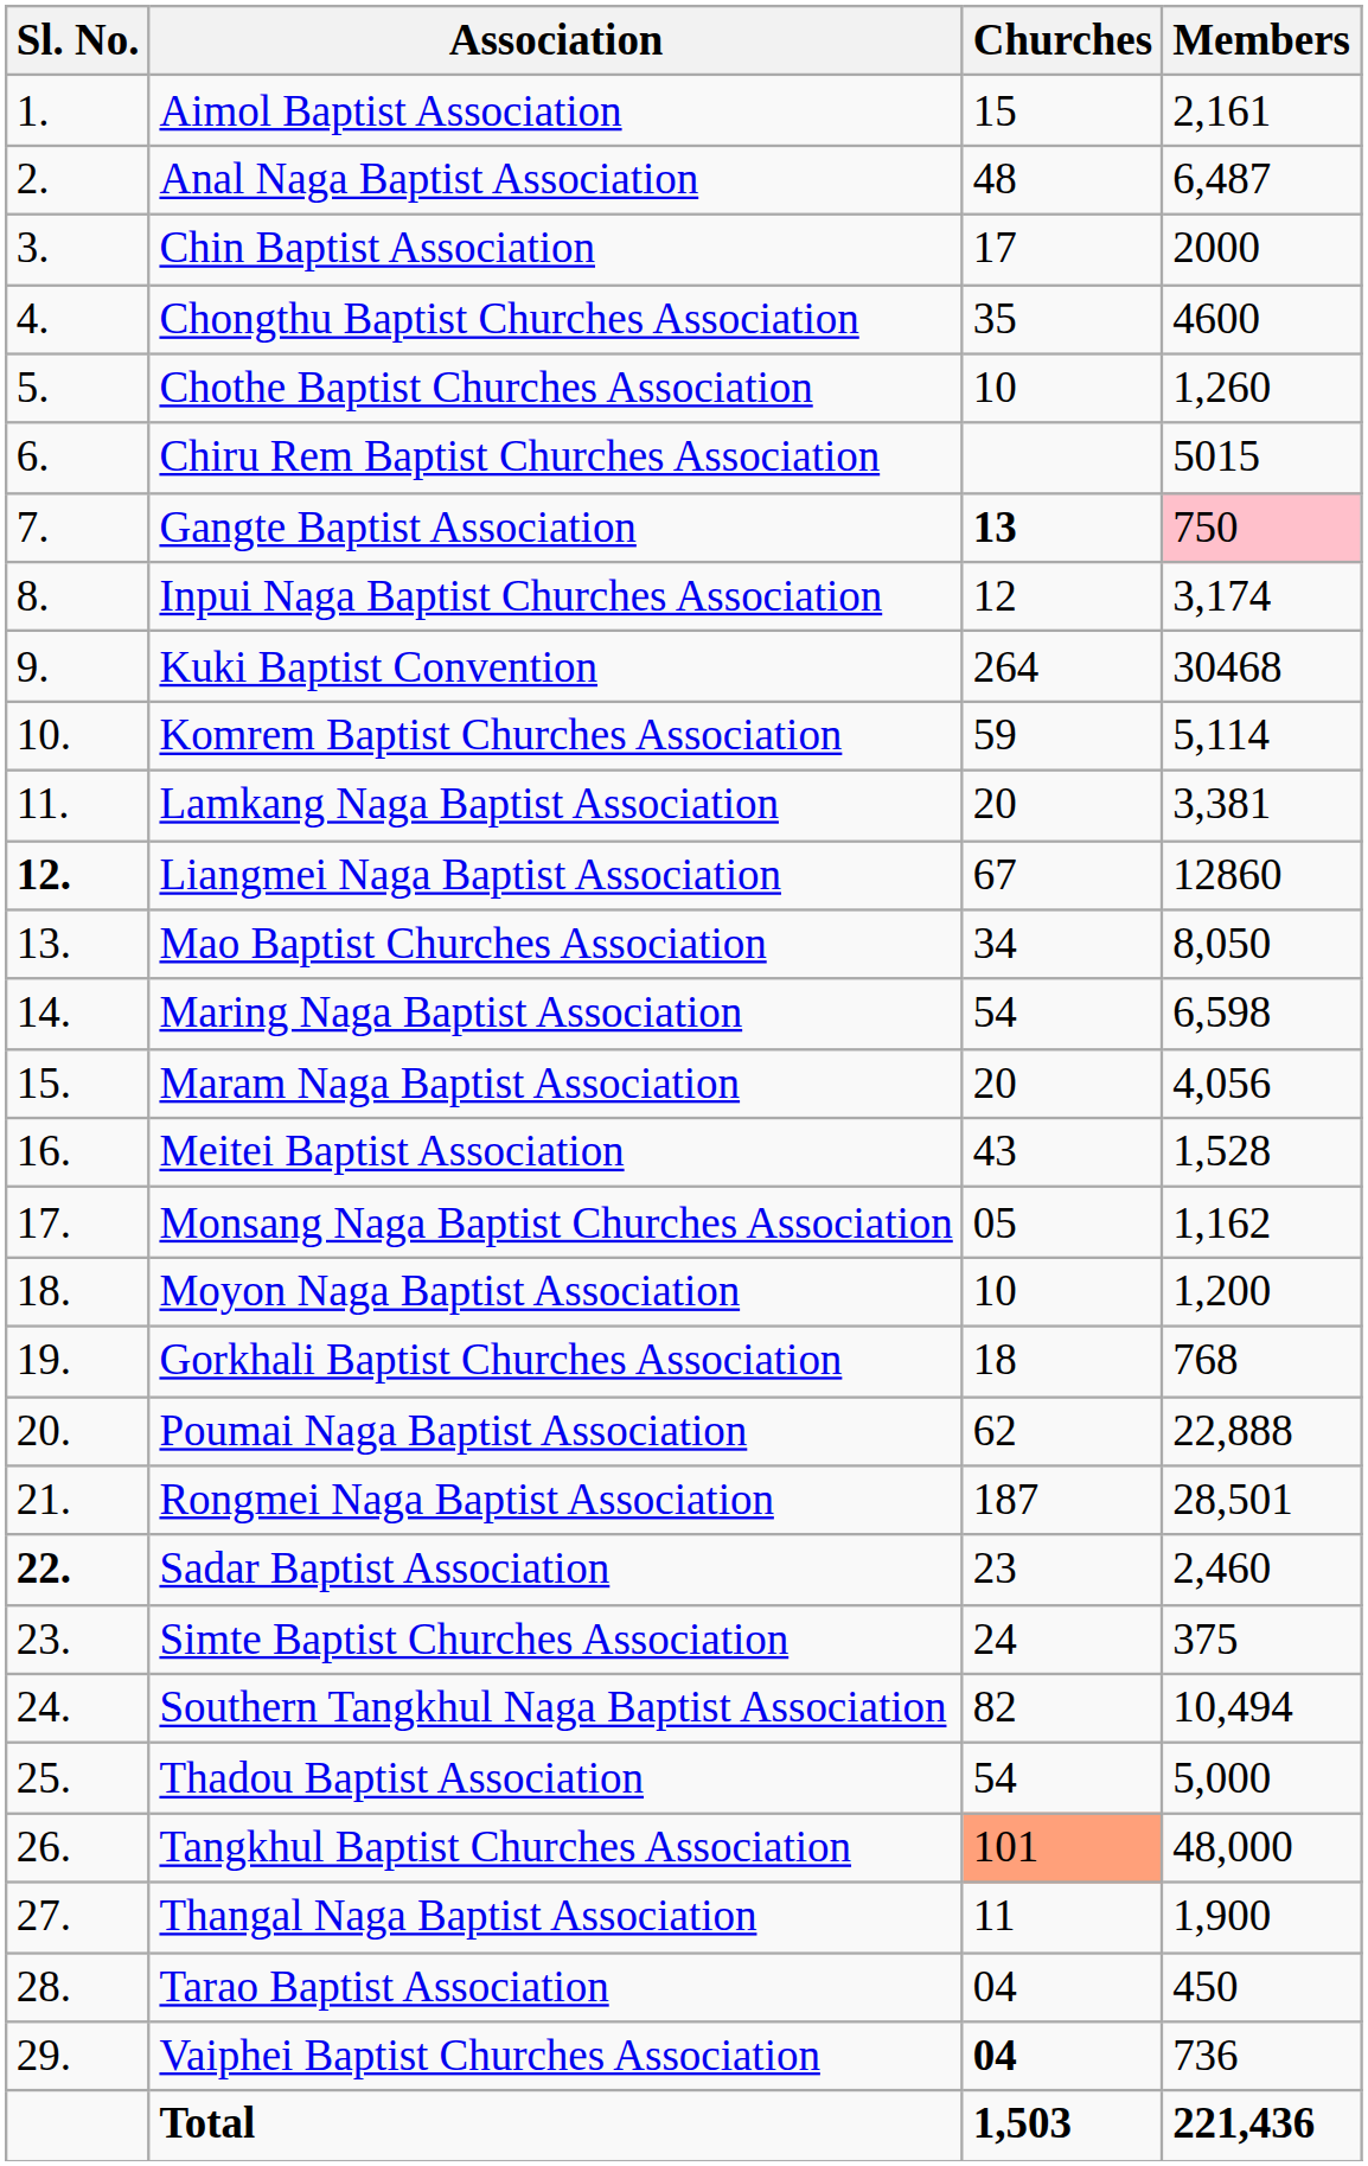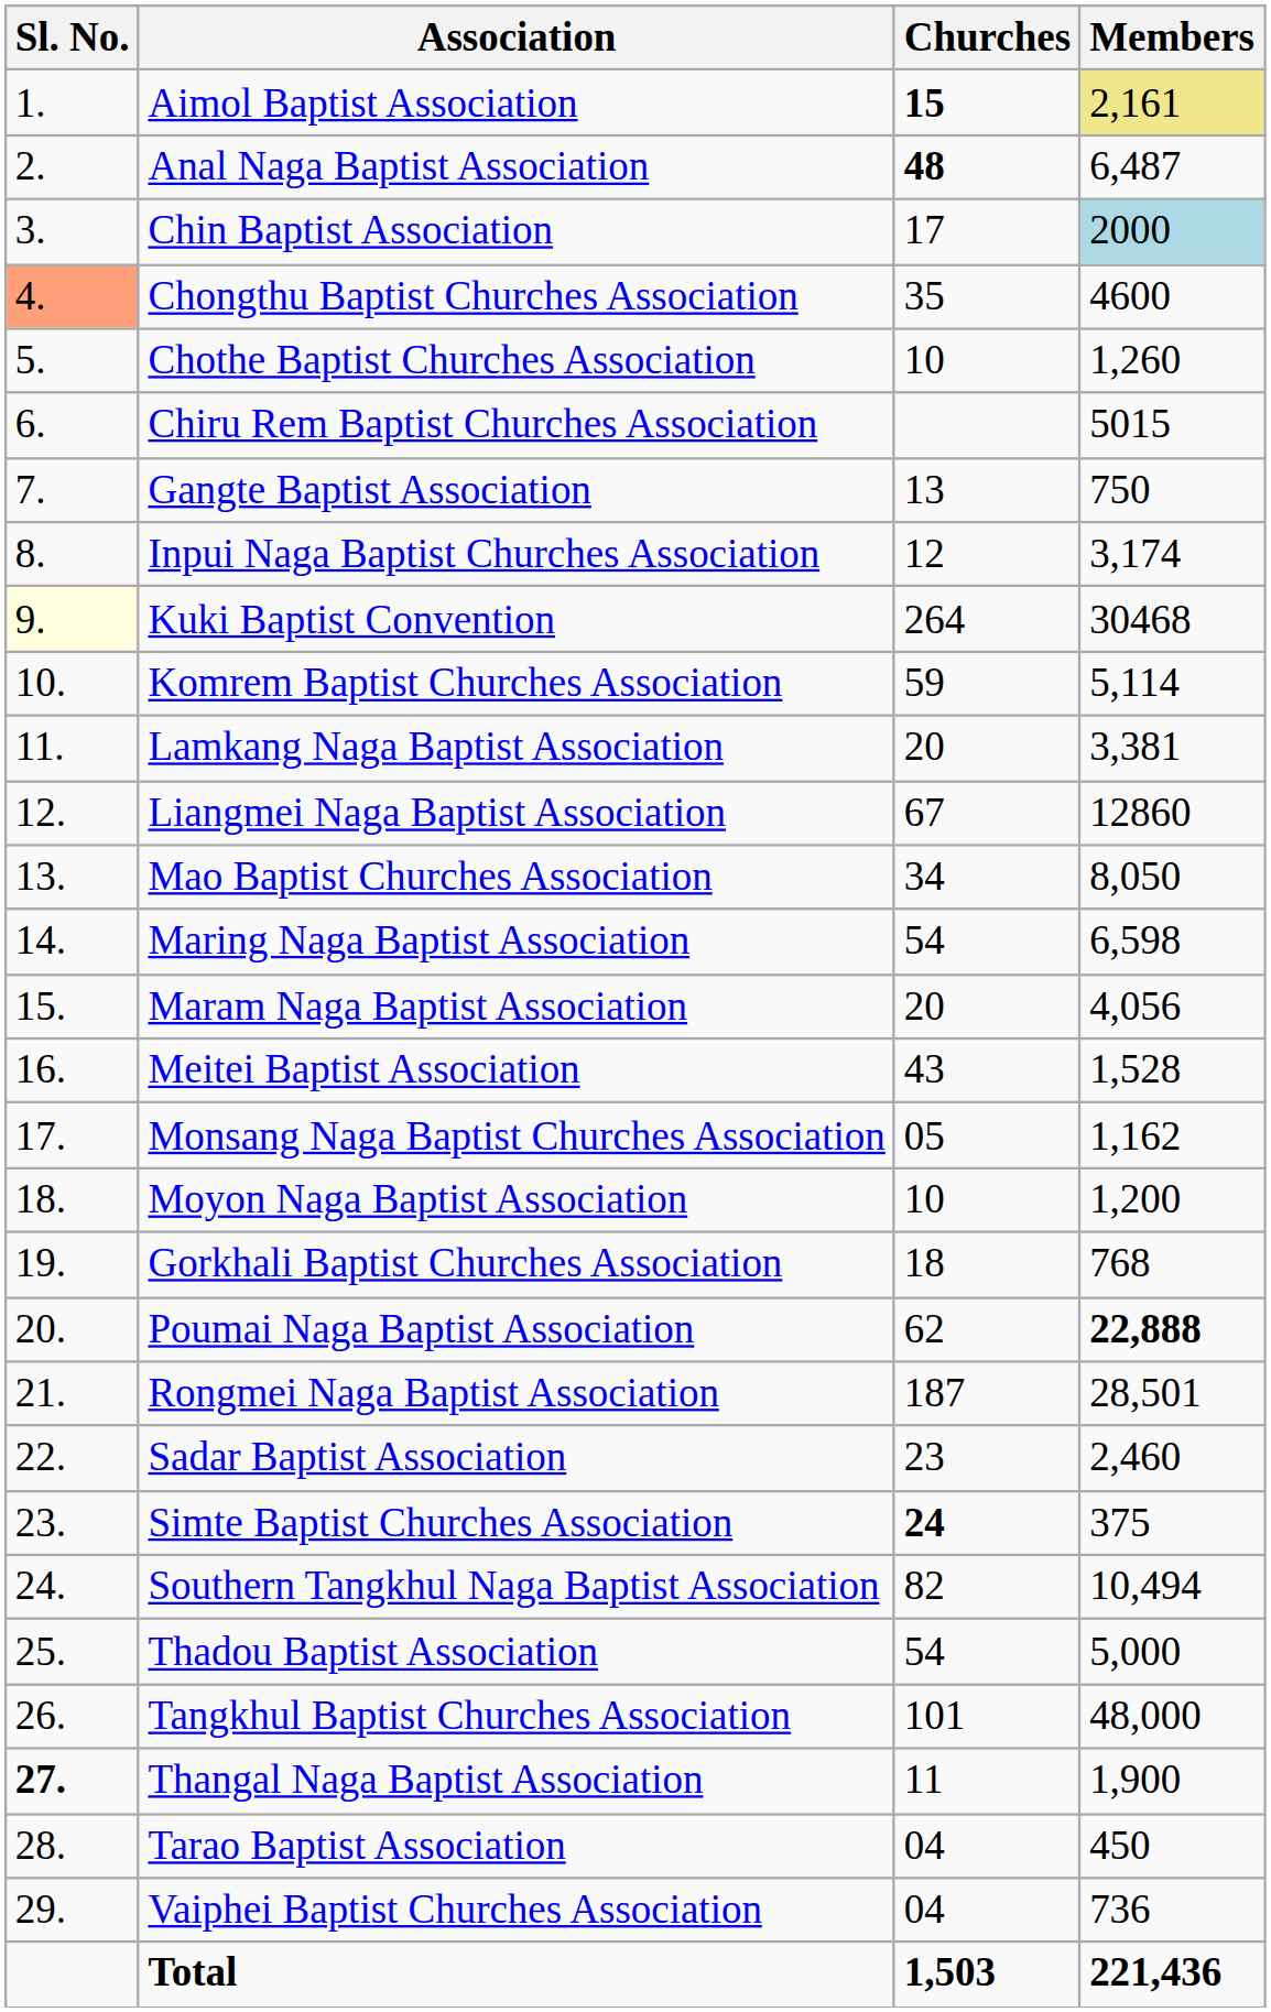 <table class = "wikitable">
 <tr>
 <th>Sl. No.</th>
 <th>Association</th>
 <th>Churches</th>
 <th>Members</th>
 </tr>
 <tr>
 <td>1.</td>
 <td><a href='#'>Aimol Baptist Association</a></td>
-<td>15</td>
-<td>2,161</td>
+<td><strong>15</strong></td>
+<td style="background: khaki;">2,161</td>
 </tr>
 <tr>
 <td>2.</td>
 <td><a href='#'>Anal Naga Baptist Association</a></td>
-<td>48</td>
+<td><strong>48</strong></td>
 <td>6,487</td>
 </tr>
 <tr>
 <td>3.</td>
 <td><a href='#'>Chin Baptist Association</a></td>
 <td>17</td>
-<td>2000</td>
+<td style="background: lightblue;">2000</td>
 </tr>
 <tr>
-<td>4.</td>
+<td style="background: lightsalmon;">4.</td>
 <td><a href='#'>Chongthu Baptist Churches Association</a></td>
 <td>35</td>
 <td>4600</td>
 </tr>
 <tr>
 <td>5.</td>
 <td><a href='#'>Chothe Baptist Churches Association</a></td>
 <td>10</td>
 <td>1,260</td>
 </tr>
 <tr>
 <td>6.</td>
 <td><a href='#'>Chiru Rem Baptist Churches Association</a></td>
 <td></td>
 <td>5015</td>
 </tr>
 <tr>
 <td>7.</td>
 <td><a href='#'>Gangte Baptist Association</a></td>
-<td><strong>13</strong></td>
-<td style="background: pink;">750</td>
+<td>13</td>
+<td>750</td>
 </tr>
 <tr>
 <td>8.</td>
 <td><a href='#'>Inpui Naga Baptist Churches Association</a></td>
 <td>12</td>
 <td>3,174</td>
 </tr>
 <tr>
-<td>9.</td>
+<td style="background: lightyellow;">9.</td>
 <td><a href='#'>Kuki Baptist Convention</a></td>
 <td>264</td>
 <td>30468</td>
 </tr>
 <tr>
 <td>10.</td>
 <td><a href='#'>Komrem Baptist Churches Association</a></td>
 <td>59</td>
 <td>5,114</td>
 </tr>
 <tr>
 <td>11.</td>
 <td><a href='#'>Lamkang Naga Baptist Association</a></td>
 <td>20</td>
 <td>3,381</td>
 </tr>
 <tr>
-<td><strong>12.</strong></td>
+<td>12.</td>
 <td><a href='#'>Liangmei Naga Baptist Association</a></td>
 <td>67</td>
 <td>12860</td>
 </tr>
 <tr>
 <td>13.</td>
 <td><a href='#'>Mao Baptist Churches Association</a></td>
 <td>34</td>
 <td>8,050</td>
 </tr>
 <tr>
 <td>14.</td>
 <td><a href='#'>Maring Naga Baptist Association</a></td>
 <td>54</td>
 <td>6,598</td>
 </tr>
 <tr>
 <td>15.</td>
 <td><a href='#'>Maram Naga Baptist Association</a></td>
 <td>20</td>
 <td>4,056</td>
 </tr>
 <tr>
 <td>16.</td>
 <td><a href='#'>Meitei Baptist Association</a></td>
 <td>43</td>
 <td>1,528</td>
 </tr>
 <tr>
 <td>17.</td>
 <td><a href='#'>Monsang Naga Baptist Churches Association</a></td>
 <td>05</td>
 <td>1,162</td>
 </tr>
 <tr>
 <td>18.</td>
 <td><a href='#'>Moyon Naga Baptist Association</a></td>
 <td>10</td>
 <td>1,200</td>
 </tr>
 <tr>
 <td>19.</td>
 <td><a href='#'>Gorkhali Baptist Churches Association</a></td>
 <td>18</td>
 <td>768</td>
 </tr>
 <tr>
 <td>20.</td>
 <td><a href='#'>Poumai Naga Baptist Association</a></td>
 <td>62</td>
-<td>22,888</td>
+<td><strong>22,888</strong></td>
 </tr>
 <tr>
 <td>21.</td>
 <td><a href='#'>Rongmei Naga Baptist Association</a></td>
 <td>187</td>
 <td>28,501</td>
 </tr>
 <tr>
-<td><strong>22.</strong></td>
+<td>22.</td>
 <td><a href='#'>Sadar Baptist Association</a></td>
 <td>23</td>
 <td>2,460</td>
 </tr>
 <tr>
 <td>23.</td>
 <td><a href='#'>Simte Baptist Churches Association</a></td>
-<td>24</td>
+<td><strong>24</strong></td>
 <td>375</td>
 </tr>
 <tr>
 <td>24.</td>
 <td><a href='#'>Southern Tangkhul Naga Baptist Association</a></td>
 <td>82</td>
 <td>10,494</td>
 </tr>
 <tr>
 <td>25.</td>
 <td><a href='#'>Thadou Baptist Association</a></td>
 <td>54</td>
 <td>5,000</td>
 </tr>
 <tr>
 <td>26.</td>
 <td><a href='#'>Tangkhul Baptist Churches Association</a></td>
-<td style="background: lightsalmon;">101</td>
+<td>101</td>
 <td>48,000</td>
 </tr>
 <tr>
-<td>27.</td>
+<td><strong>27.</strong></td>
 <td><a href='#'>Thangal Naga Baptist Association</a></td>
 <td>11</td>
 <td>1,900</td>
 </tr>
 <tr>
 <td>28.</td>
 <td><a href='#'>Tarao Baptist Association</a></td>
 <td>04</td>
 <td>450</td>
 </tr>
 <tr>
 <td>29.</td>
 <td><a href='#'>Vaiphei Baptist Churches Association</a></td>
-<td><strong>04</strong></td>
+<td>04</td>
 <td>736</td>
 </tr>
 <tr>
 <td></td>
 <td><strong>Total</strong></td>
 <td><strong>1,503</strong></td>
 <td><strong>221,436</strong></td>
 </tr>
 <tr>
 </tr>
 </table>
